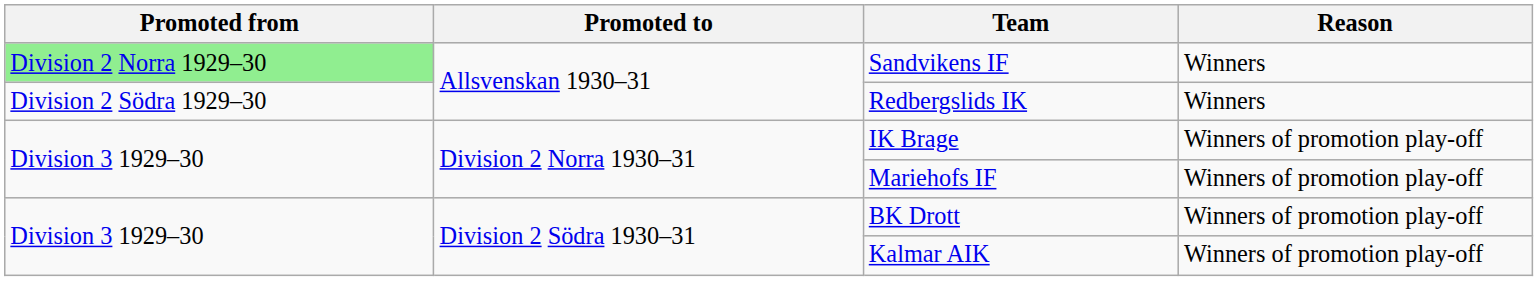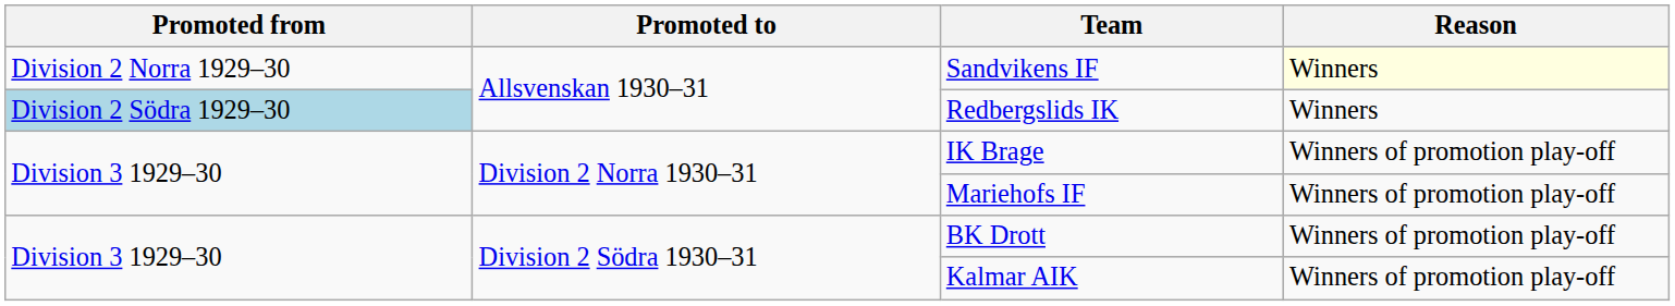 <table class="wikitable" style="text-align: left;">
 <tr>
 <th style="width: 275px;">Promoted from</th>
 <th style="width: 275px;">Promoted to</th>
 <th style="width: 200px;">Team</th>
 <th style="width: 225px;">Reason</th>
 </tr>
 <tr>
-<td style="background: lightgreen;"><a href='#'>Division 2</a> <a href='#'>Norra</a> 1929–30</td>
+<td><a href='#'>Division 2</a> <a href='#'>Norra</a> 1929–30</td>
 <td rowspan=2><a href='#'>Allsvenskan</a> 1930–31</td>
 <td><a href='#'>Sandvikens IF</a></td>
-<td>Winners</td>
+<td style="background: lightyellow;">Winners</td>
 </tr>
 <tr>
-<td><a href='#'>Division 2</a> <a href='#'>Södra</a> 1929–30</td>
+<td style="background: lightblue;"><a href='#'>Division 2</a> <a href='#'>Södra</a> 1929–30</td>
 <td><a href='#'>Redbergslids IK</a></td>
 <td>Winners</td>
 </tr>
 <tr>
 <td rowspan=2><a href='#'>Division 3</a> 1929–30</td>
 <td rowspan=2><a href='#'>Division 2</a> <a href='#'>Norra</a> 1930–31</td>
 <td><a href='#'>IK Brage</a></td>
 <td>Winners of promotion play-off</td>
 </tr>
 <tr>
 <td><a href='#'>Mariehofs IF</a></td>
 <td>Winners of promotion play-off</td>
 </tr>
 <tr>
 <td rowspan=2><a href='#'>Division 3</a> 1929–30</td>
 <td rowspan=2><a href='#'>Division 2</a> <a href='#'>Södra</a> 1930–31</td>
 <td><a href='#'>BK Drott</a></td>
 <td>Winners of promotion play-off</td>
 </tr>
 <tr>
 <td><a href='#'>Kalmar AIK</a></td>
 <td>Winners of promotion play-off</td>
 </tr>
 </table>
